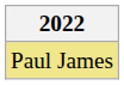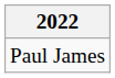 <table class="wikitable">
 <tr>
 <th>2022</th>
 </tr>
 <tr>
-<td style="background: khaki;">Paul James</td>
+<td>Paul James</td>
 </tr>
 </table>
